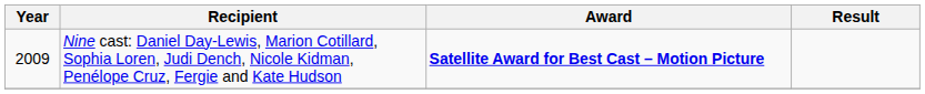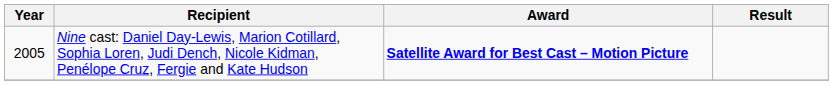 <table style="width: 75%;" class="wikitable">
 <tr>
 <th style="width:6%;"><strong>Year</strong></th>
 <th style="width:40%;"><strong>Recipient</strong></th>
 <th style="width:40%;"><strong>Award</strong></th>
 <th style="width:14%;"><strong>Result</strong></th>
 </tr>
 <tr>
-<td rowspan="1" style="text-align:center;">2009</td>
+<td rowspan="1" style="text-align:center;">2005</td>
 <td rowspan="1" width="200pt" style="text-align:left;"><em><a href='#'>Nine</a></em> cast: <a href='#'>Daniel Day-Lewis</a>, <a href='#'>Marion Cotillard</a>, <a href='#'>Sophia Loren</a>, <a href='#'>Judi Dench</a>, <a href='#'>Nicole Kidman</a>, <a href='#'>Penélope Cruz</a>, <a href='#'>Fergie</a> and <a href='#'>Kate Hudson</a></td>
 <td><strong><a href='#'>Satellite Award for Best Cast – Motion Picture</a></strong></td>
 <td></td>
 </tr>
 <tr>
 </tr>
 </table>
